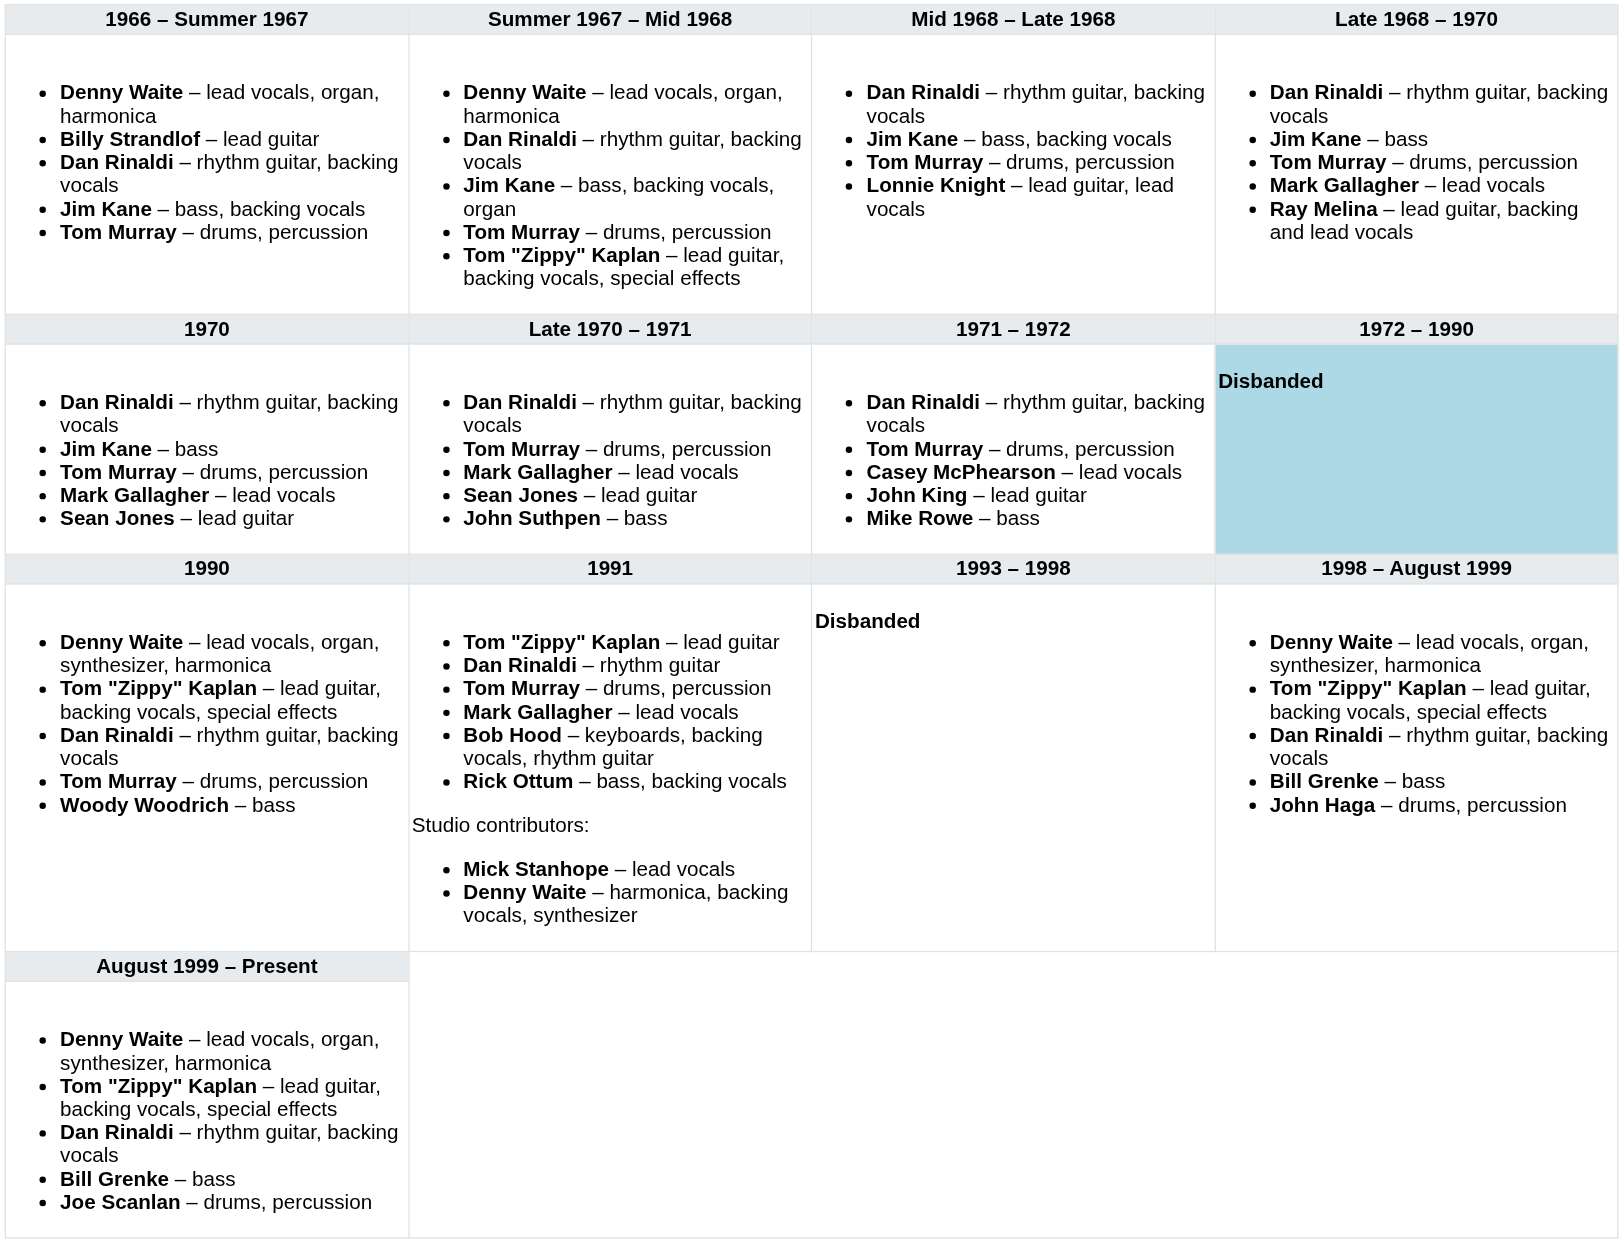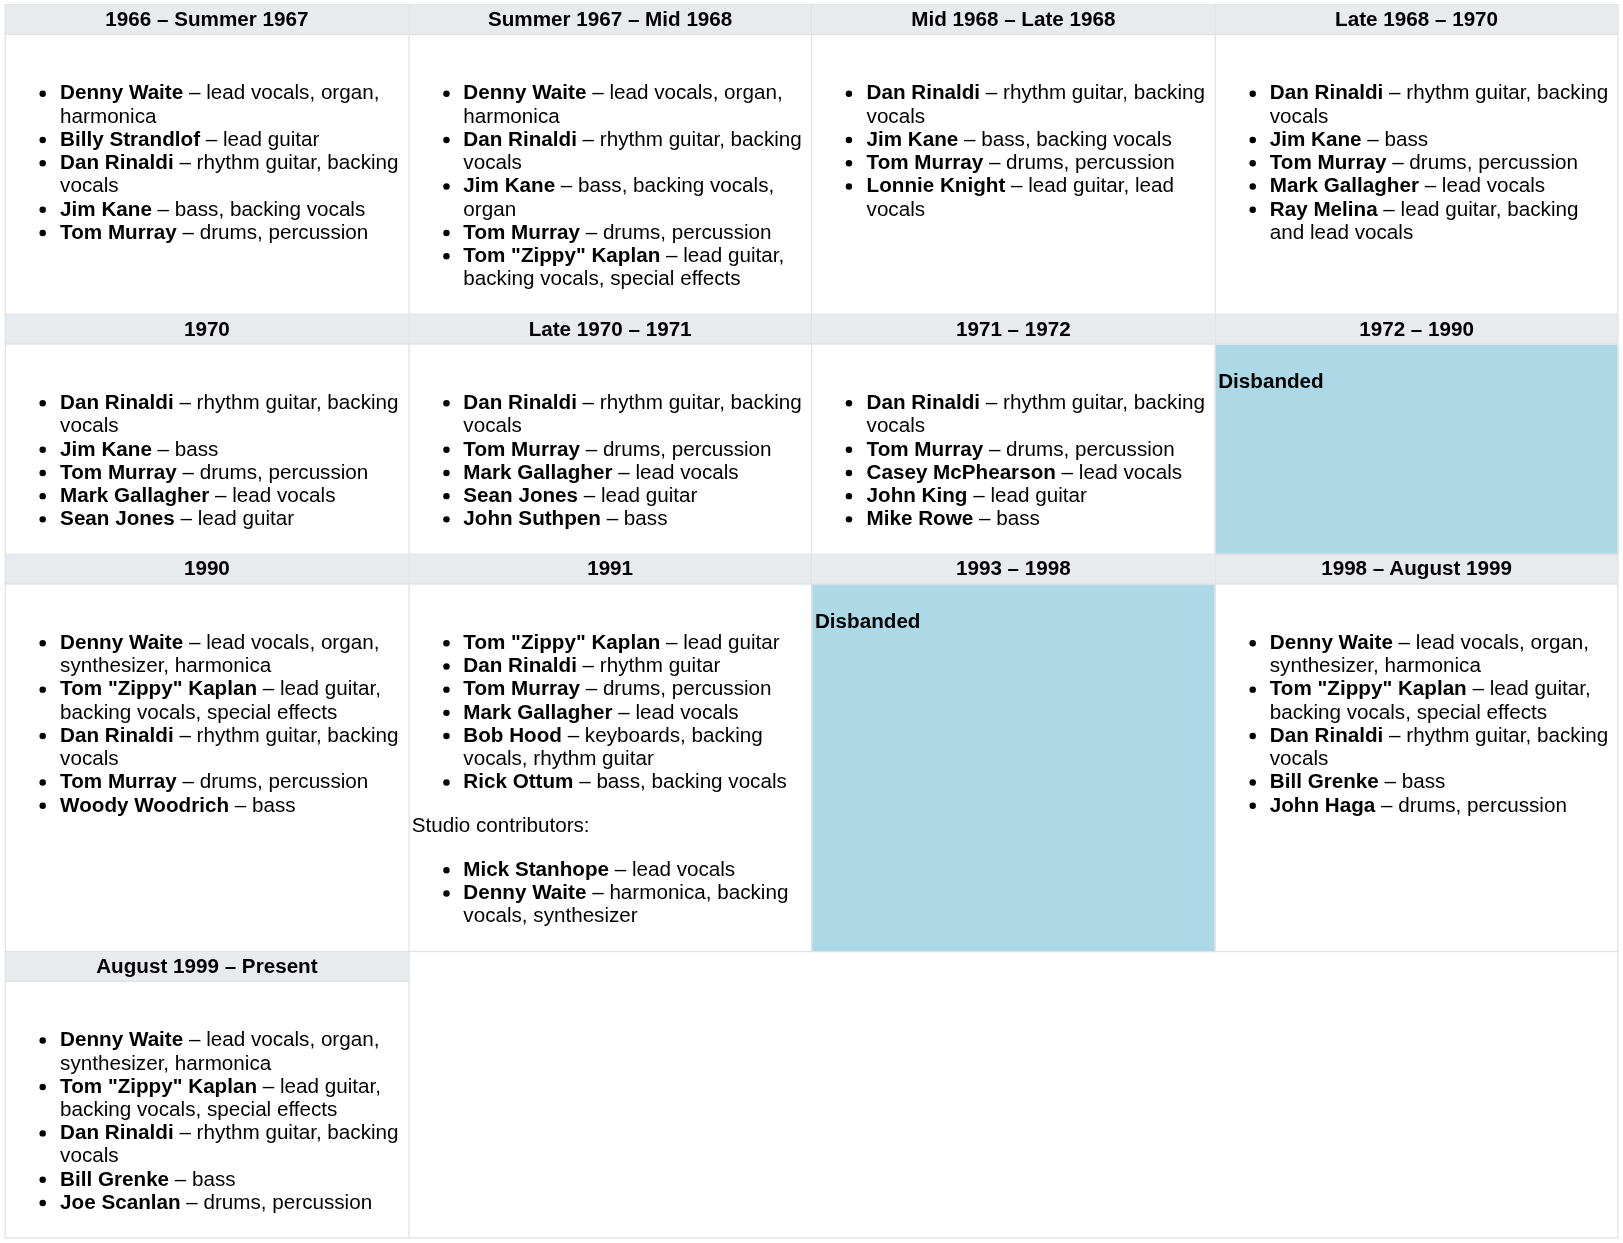 <table class="toccolours" border="1" cellpadding="2" cellspacing="0"  style="float:width:375px; margin:0 0 1em 1em; border-collapse:collapse; border:1px solid #e2e2e2; width:99%;">
 <tr>
 <th style="vertical-align:top; background:#e7ebee; width:25%;">1966 – Summer 1967</th>
 <th style="vertical-align:top; background:#e7ebee; width:25%;">Summer 1967 – Mid 1968</th>
 <th style="vertical-align:top; background:#e7ebee; width:25%;">Mid 1968 – Late 1968</th>
 <th style="vertical-align:top; background:#e7ebee; width:25%;">Late 1968 – 1970</th>
 </tr>
 <tr>
 <td valign=top><br><ul><li><strong>Denny Waite</strong> – lead vocals, organ, harmonica</li><li><strong>Billy Strandlof</strong> – lead guitar</li><li><strong>Dan Rinaldi</strong> – rhythm guitar, backing vocals</li><li><strong>Jim Kane</strong> – bass, backing vocals</li><li><strong>Tom Murray</strong> – drums, percussion</li></ul></td>
 <td valign=top><br><ul><li><strong>Denny Waite</strong> – lead vocals, organ, harmonica</li><li><strong>Dan Rinaldi</strong> – rhythm guitar, backing vocals</li><li><strong>Jim Kane</strong> – bass, backing vocals, organ</li><li><strong>Tom Murray</strong> – drums, percussion</li><li><strong>Tom "Zippy" Kaplan</strong> – lead guitar, backing vocals, special effects</li></ul></td>
 <td valign=top><br><ul><li><strong>Dan Rinaldi</strong> – rhythm guitar, backing vocals</li><li><strong>Jim Kane</strong> – bass, backing vocals</li><li><strong>Tom Murray</strong> – drums, percussion</li><li><strong>Lonnie Knight</strong> – lead guitar, lead vocals</li></ul></td>
 <td valign=top><br><ul><li><strong>Dan Rinaldi</strong> – rhythm guitar, backing vocals</li><li><strong>Jim Kane</strong> – bass</li><li><strong>Tom Murray</strong> – drums, percussion</li><li><strong>Mark Gallagher</strong> – lead vocals</li><li><strong>Ray Melina</strong> – lead guitar, backing and lead vocals</li></ul></td>
 </tr>
 <tr>
 <th style="vertical-align:top; background:#e7ebee; width:25%;">1970</th>
 <th style="vertical-align:top; background:#e7ebee; width:25%;">Late 1970 – 1971</th>
 <th style="vertical-align:top; background:#e7ebee; width:25%;">1971 – 1972</th>
 <th style="vertical-align:top; background:#e7ebee; width:25%;">1972 – 1990</th>
 </tr>
 <tr>
 <td valign=top><br><ul><li><strong>Dan Rinaldi</strong> – rhythm guitar, backing vocals</li><li><strong>Jim Kane</strong> – bass</li><li><strong>Tom Murray</strong> – drums, percussion</li><li><strong>Mark Gallagher</strong> – lead vocals</li><li><strong>Sean Jones</strong> – lead guitar</li></ul></td>
 <td valign=top><br><ul><li><strong>Dan Rinaldi</strong> – rhythm guitar, backing vocals</li><li><strong>Tom Murray</strong> – drums, percussion</li><li><strong>Mark Gallagher</strong> – lead vocals</li><li><strong>Sean Jones</strong> – lead guitar</li><li><strong>John Suthpen</strong> – bass</li></ul></td>
 <td valign=top><br><ul><li><strong>Dan Rinaldi</strong> – rhythm guitar, backing vocals</li><li><strong>Tom Murray</strong> – drums, percussion</li><li><strong>Casey McPhearson</strong> – lead vocals</li><li><strong>John King</strong> – lead guitar</li><li><strong>Mike Rowe</strong> – bass</li></ul></td>
 <td valign=top style="background: lightblue;"><br><strong>Disbanded</strong></td>
 </tr>
 <tr>
 <th style="vertical-align:top; background:#e7ebee; width:25%;">1990</th>
 <th style="vertical-align:top; background:#e7ebee; width:25%;">1991</th>
 <th style="vertical-align:top; background:#e7ebee; width:25%;">1993 – 1998</th>
 <th style="vertical-align:top; background:#e7ebee; width:25%;">1998 – August 1999</th>
 </tr>
 <tr>
 <td valign=top><br><ul><li><strong>Denny Waite</strong> – lead vocals, organ, synthesizer, harmonica</li><li><strong>Tom "Zippy" Kaplan</strong> – lead guitar, backing vocals, special effects</li><li><strong>Dan Rinaldi</strong> – rhythm guitar, backing vocals</li><li><strong>Tom Murray</strong> – drums, percussion</li><li><strong>Woody Woodrich</strong> – bass</li></ul></td>
 <td valign=top><br><ul><li><strong>Tom "Zippy" Kaplan</strong> – lead guitar</li><li><strong>Dan Rinaldi</strong> – rhythm guitar</li><li><strong>Tom Murray</strong> – drums, percussion</li><li><strong>Mark Gallagher</strong> – lead vocals</li><li><strong>Bob Hood</strong> – keyboards, backing vocals, rhythm guitar</li><li><strong>Rick Ottum</strong> – bass, backing vocals</li></ul>Studio contributors:<ul><li><strong>Mick Stanhope</strong> – lead vocals</li><li><strong>Denny Waite</strong> – harmonica, backing vocals, synthesizer</li></ul></td>
-<td valign=top><br><strong>Disbanded</strong></td>
+<td valign=top style="background: lightblue;"><br><strong>Disbanded</strong></td>
 <td valign=top><br><ul><li><strong>Denny Waite</strong> – lead vocals, organ, synthesizer, harmonica</li><li><strong>Tom "Zippy" Kaplan</strong> – lead guitar, backing vocals, special effects</li><li><strong>Dan Rinaldi</strong> – rhythm guitar, backing vocals</li><li><strong>Bill Grenke</strong> – bass</li><li><strong>John Haga</strong> – drums, percussion</li></ul></td>
 </tr>
 <tr>
 <th style="vertical-align:top; background:#e7ebee; width:25%;">August 1999 – Present</th>
 </tr>
 <tr>
 <td valign=top><br><ul><li><strong>Denny Waite</strong> – lead vocals, organ, synthesizer, harmonica</li><li><strong>Tom "Zippy" Kaplan</strong> – lead guitar, backing vocals, special effects</li><li><strong>Dan Rinaldi</strong> – rhythm guitar, backing vocals</li><li><strong>Bill Grenke</strong> – bass</li><li><strong>Joe Scanlan</strong> – drums, percussion</li></ul></td>
 </tr>
 </table>
